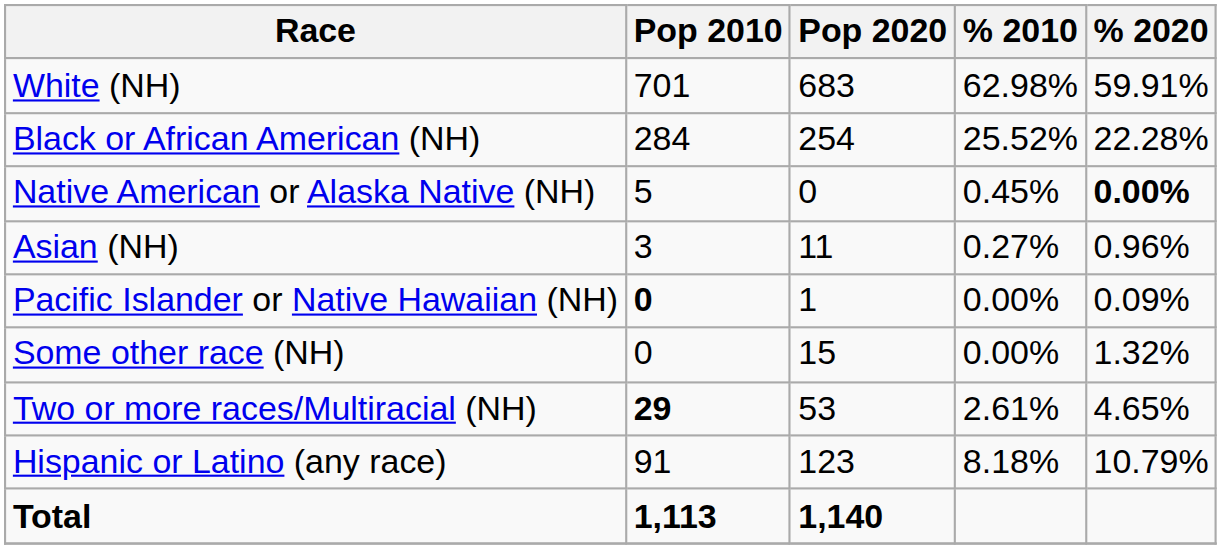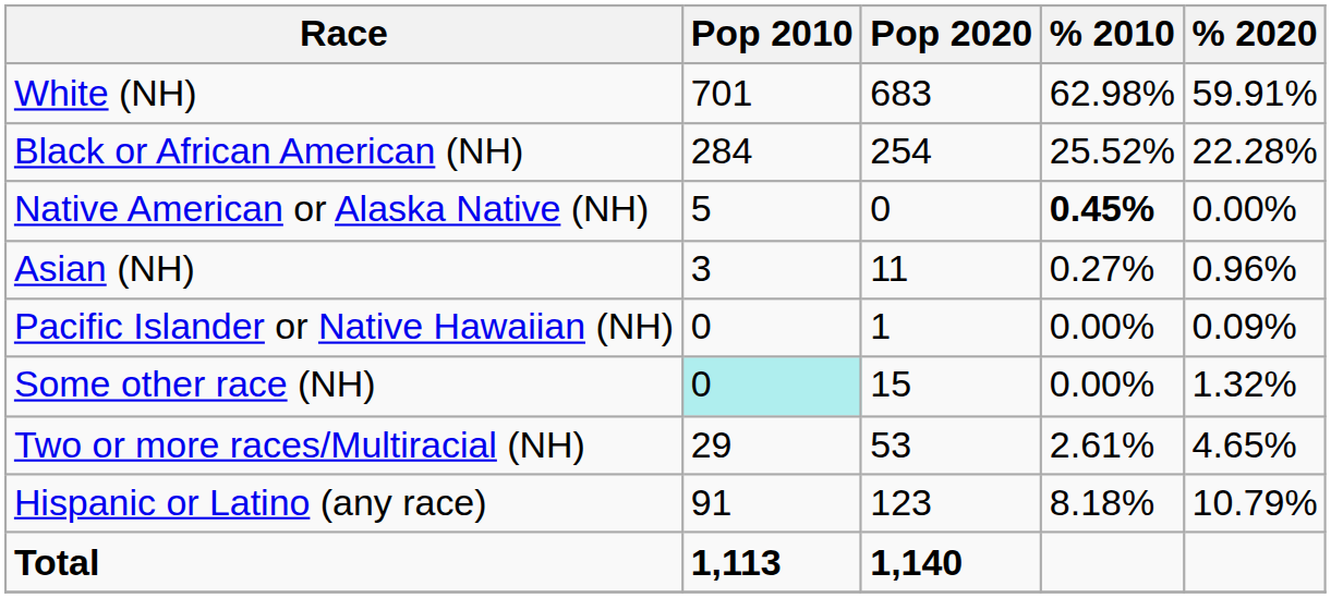 <table class="wikitable">
 <tr>
 <th>Race</th>
 <th>Pop 2010</th>
 <th>Pop 2020</th>
 <th>% 2010</th>
 <th>% 2020</th>
 </tr>
 <tr>
 <td><a href='#'>White</a> (NH)</td>
 <td>701</td>
 <td>683</td>
 <td>62.98%</td>
 <td>59.91%</td>
 </tr>
 <tr>
 <td><a href='#'>Black or African American</a> (NH)</td>
 <td>284</td>
 <td>254</td>
 <td>25.52%</td>
 <td>22.28%</td>
 </tr>
 <tr>
 <td><a href='#'>Native American</a> or <a href='#'>Alaska Native</a> (NH)</td>
 <td>5</td>
 <td>0</td>
-<td>0.45%</td>
-<td><strong>0.00%</strong></td>
+<td><strong>0.45%</strong></td>
+<td>0.00%</td>
 </tr>
 <tr>
 <td><a href='#'>Asian</a> (NH)</td>
 <td>3</td>
 <td>11</td>
 <td>0.27%</td>
 <td>0.96%</td>
 </tr>
 <tr>
 <td><a href='#'>Pacific Islander</a> or <a href='#'>Native Hawaiian</a> (NH)</td>
-<td><strong>0</strong></td>
+<td>0</td>
 <td>1</td>
 <td>0.00%</td>
 <td>0.09%</td>
 </tr>
 <tr>
 <td><a href='#'>Some other race</a> (NH)</td>
-<td>0</td>
+<td style="background: paleturquoise;">0</td>
 <td>15</td>
 <td>0.00%</td>
 <td>1.32%</td>
 </tr>
 <tr>
 <td><a href='#'>Two or more races/Multiracial</a> (NH)</td>
-<td><strong>29</strong></td>
+<td>29</td>
 <td>53</td>
 <td>2.61%</td>
 <td>4.65%</td>
 </tr>
 <tr>
 <td><a href='#'>Hispanic or Latino</a> (any race)</td>
 <td>91</td>
 <td>123</td>
 <td>8.18%</td>
 <td>10.79%</td>
 </tr>
 <tr>
 <td><strong>Total</strong></td>
 <td><strong>1,113</strong></td>
 <td><strong>1,140</strong></td>
 <td></td>
 <td></td>
 </tr>
 <tr>
 </tr>
 </table>
